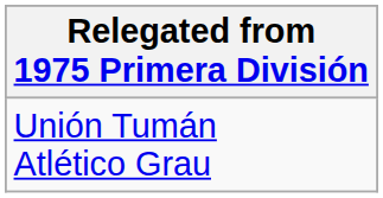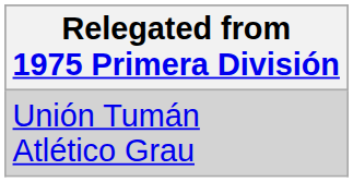 <table class="wikitable">
 <tr>
 <th>Relegated from<br><a href='#'>1975 Primera División</a></th>
 </tr>
 <tr>
-<td> <a href='#'>Unión Tumán</a> <br> <a href='#'>Atlético Grau</a> </td>
+<td style="background: lightgrey;"> <a href='#'>Unión Tumán</a> <br> <a href='#'>Atlético Grau</a> </td>
 </tr>
 </table>
